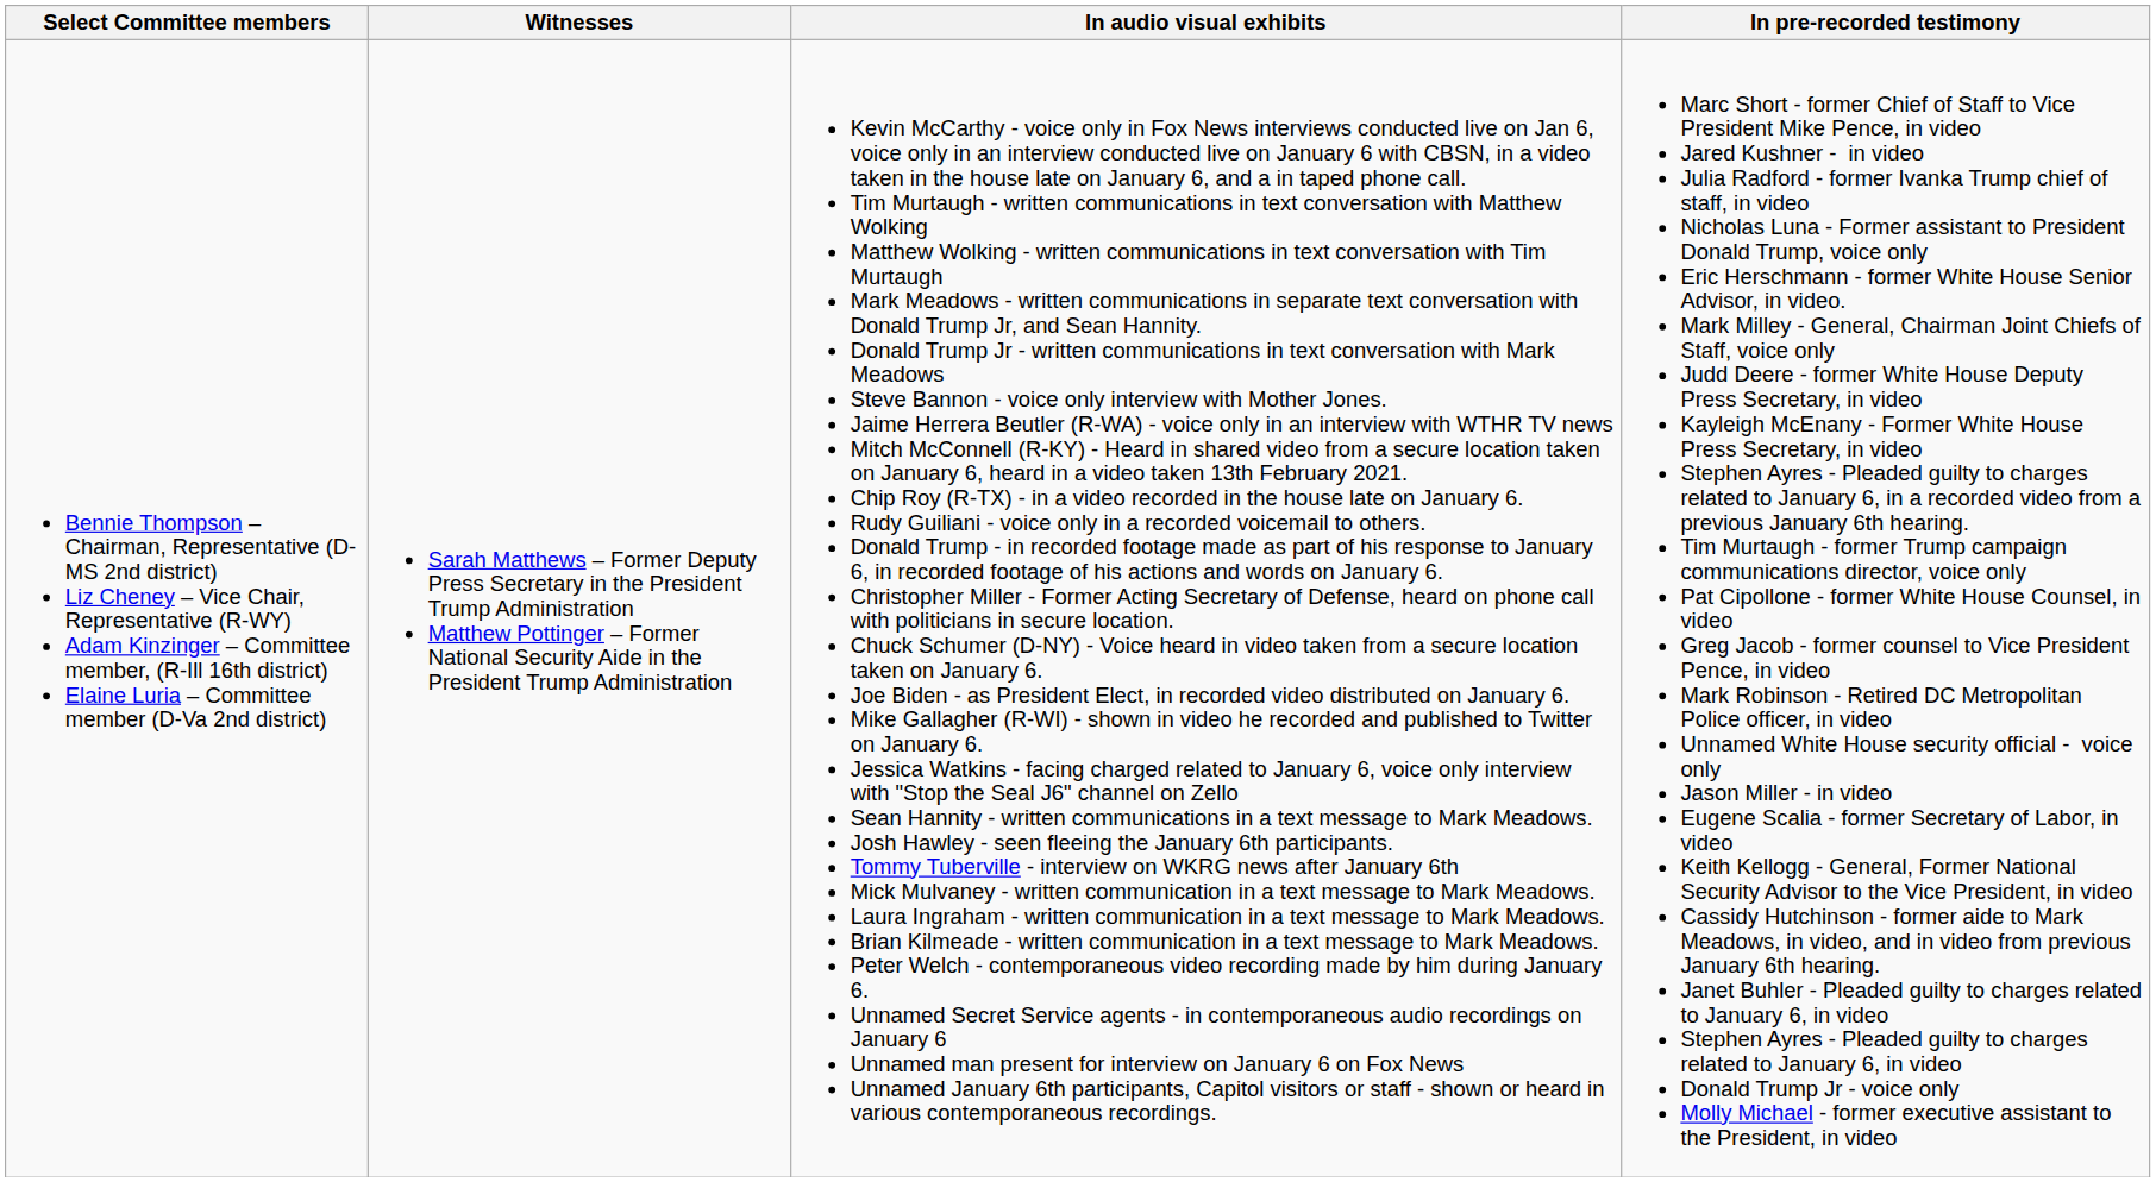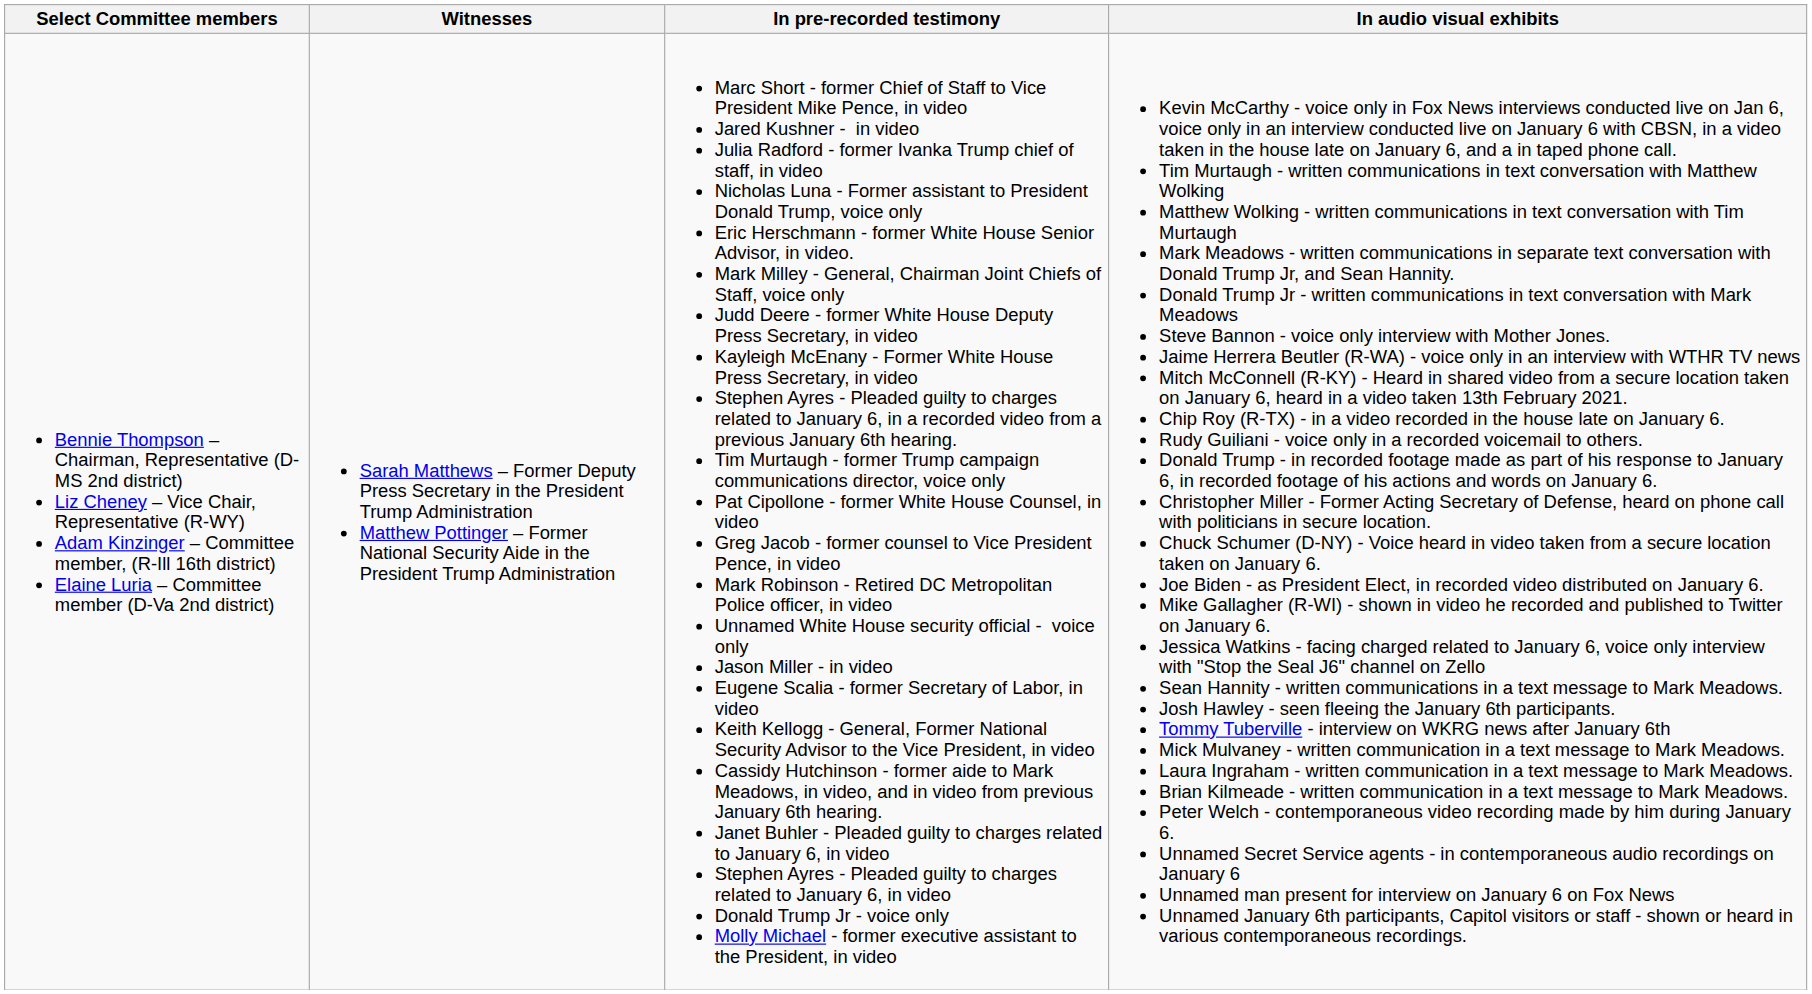 <table class="vertical-align-top wikitable mw-collapsible mw-collapsed">
 <tr>
 <th>Select Committee members</th>
 <th>Witnesses</th>
+<th>In pre-recorded testimony</th>
 <th>In audio visual exhibits</th>
-<th>In pre-recorded testimony</th>
 </tr>
 <tr>
 <td><br><ul><li><a href='#'>Bennie Thompson</a> – Chairman, Representative (D-MS 2nd district)</li><li><a href='#'>Liz Cheney</a> – Vice Chair, Representative (R-WY)</li><li><a href='#'>Adam Kinzinger</a> – Committee member, (R-Ill 16th district)</li><li><a href='#'>Elaine Luria</a> – Committee member (D-Va 2nd district)</li></ul></td>
 <td><br><ul><li><a href='#'>Sarah Matthews</a> – Former Deputy Press Secretary in the President Trump Administration</li><li><a href='#'>Matthew Pottinger</a> – Former National Security Aide in the President Trump Administration</li></ul></td>
+<td><br><ul><li>Marc Short - former Chief of Staff to Vice President Mike Pence, in video</li><li>Jared Kushner -  in video</li><li>Julia Radford - former Ivanka Trump chief of staff, in video</li><li>Nicholas Luna - Former assistant to President Donald Trump, voice only</li><li>Eric Herschmann - former White House Senior Advisor, in video.</li><li>Mark Milley - General, Chairman Joint Chiefs of Staff, voice only</li><li>Judd Deere - former White House Deputy Press Secretary, in video</li><li>Kayleigh McEnany - Former White House Press Secretary, in video</li><li>Stephen Ayres - Pleaded guilty to charges related to January 6, in a recorded video from a previous January 6th hearing.</li><li>Tim Murtaugh - former Trump campaign communications director, voice only</li><li>Pat Cipollone - former White House Counsel, in video</li><li>Greg Jacob - former counsel to Vice President Pence, in video</li><li>Mark Robinson - Retired DC Metropolitan Police officer, in video</li><li>Unnamed White House security official -  voice only</li><li>Jason Miller - in video</li><li>Eugene Scalia - former Secretary of Labor, in video</li><li>Keith Kellogg - General, Former National Security Advisor to the Vice President, in video</li><li>Cassidy Hutchinson - former aide to Mark Meadows, in video, and in video from previous January 6th hearing.</li><li>Janet Buhler - Pleaded guilty to charges related to January 6, in video</li><li>Stephen Ayres - Pleaded guilty to charges related to January 6, in video</li><li>Donald Trump Jr - voice only</li><li><a href='#'>Molly Michael</a> - former executive assistant to the President, in video</li></ul></td>
 <td><br><ul><li>Kevin McCarthy - voice only in Fox News interviews conducted live on Jan 6, voice only in an interview conducted live on January 6 with CBSN, in a video taken in the house late on January 6, and a in taped phone call.  </li><li>Tim Murtaugh - written communications in text conversation with Matthew Wolking</li><li>Matthew Wolking - written communications in text conversation with Tim Murtaugh</li><li>Mark Meadows - written communications in separate text conversation with Donald Trump Jr, and Sean Hannity.</li><li>Donald Trump Jr - written communications in text conversation with Mark Meadows</li><li>Steve Bannon - voice only interview with Mother Jones.</li><li>Jaime Herrera Beutler (R-WA) - voice only in an interview with WTHR TV news</li><li>Mitch McConnell (R-KY) - Heard in shared video from a secure location taken on January 6, heard in a video taken 13th February 2021.</li><li>Chip Roy (R-TX) - in a video recorded in the house late on January 6.</li><li>Rudy Guiliani - voice only in a recorded voicemail to others.</li><li>Donald Trump - in recorded footage made as part of his response to January 6, in recorded footage of his actions and words on January 6.</li><li>Christopher Miller - Former Acting Secretary of Defense, heard on phone call with politicians in secure location.</li><li>Chuck Schumer (D-NY) - Voice heard in video taken from a secure location taken on January 6.</li><li>Joe Biden - as President Elect, in recorded video distributed on January 6.</li><li>Mike Gallagher (R-WI) - shown in video he recorded and published to Twitter on January 6.</li><li>Jessica Watkins - facing charged related to January 6, voice only interview with "Stop the Seal J6" channel on Zello</li><li>Sean Hannity - written communications in a text message to Mark Meadows.</li><li>Josh Hawley - seen fleeing the January 6th participants.</li><li><a href='#'>Tommy Tuberville</a> - interview on WKRG news after January 6th</li><li>Mick Mulvaney - written communication in a text message to Mark Meadows.</li><li>Laura Ingraham - written communication in a text message to Mark Meadows.</li><li>Brian Kilmeade - written communication in a text message to Mark Meadows.</li><li>Peter Welch - contemporaneous video recording made by him during January 6.</li><li>Unnamed Secret Service agents - in contemporaneous audio recordings on January 6</li><li>Unnamed man present for interview on January 6 on Fox News</li><li>Unnamed January 6th participants, Capitol visitors or staff - shown or heard in various contemporaneous recordings.</li></ul></td>
-<td><br><ul><li>Marc Short - former Chief of Staff to Vice President Mike Pence, in video</li><li>Jared Kushner -  in video</li><li>Julia Radford - former Ivanka Trump chief of staff, in video</li><li>Nicholas Luna - Former assistant to President Donald Trump, voice only</li><li>Eric Herschmann - former White House Senior Advisor, in video.</li><li>Mark Milley - General, Chairman Joint Chiefs of Staff, voice only</li><li>Judd Deere - former White House Deputy Press Secretary, in video</li><li>Kayleigh McEnany - Former White House Press Secretary, in video</li><li>Stephen Ayres - Pleaded guilty to charges related to January 6, in a recorded video from a previous January 6th hearing.</li><li>Tim Murtaugh - former Trump campaign communications director, voice only</li><li>Pat Cipollone - former White House Counsel, in video</li><li>Greg Jacob - former counsel to Vice President Pence, in video</li><li>Mark Robinson - Retired DC Metropolitan Police officer, in video</li><li>Unnamed White House security official -  voice only</li><li>Jason Miller - in video</li><li>Eugene Scalia - former Secretary of Labor, in video</li><li>Keith Kellogg - General, Former National Security Advisor to the Vice President, in video</li><li>Cassidy Hutchinson - former aide to Mark Meadows, in video, and in video from previous January 6th hearing.</li><li>Janet Buhler - Pleaded guilty to charges related to January 6, in video</li><li>Stephen Ayres - Pleaded guilty to charges related to January 6, in video</li><li>Donald Trump Jr - voice only</li><li><a href='#'>Molly Michael</a> - former executive assistant to the President, in video</li></ul></td>
 </tr>
 </table>
